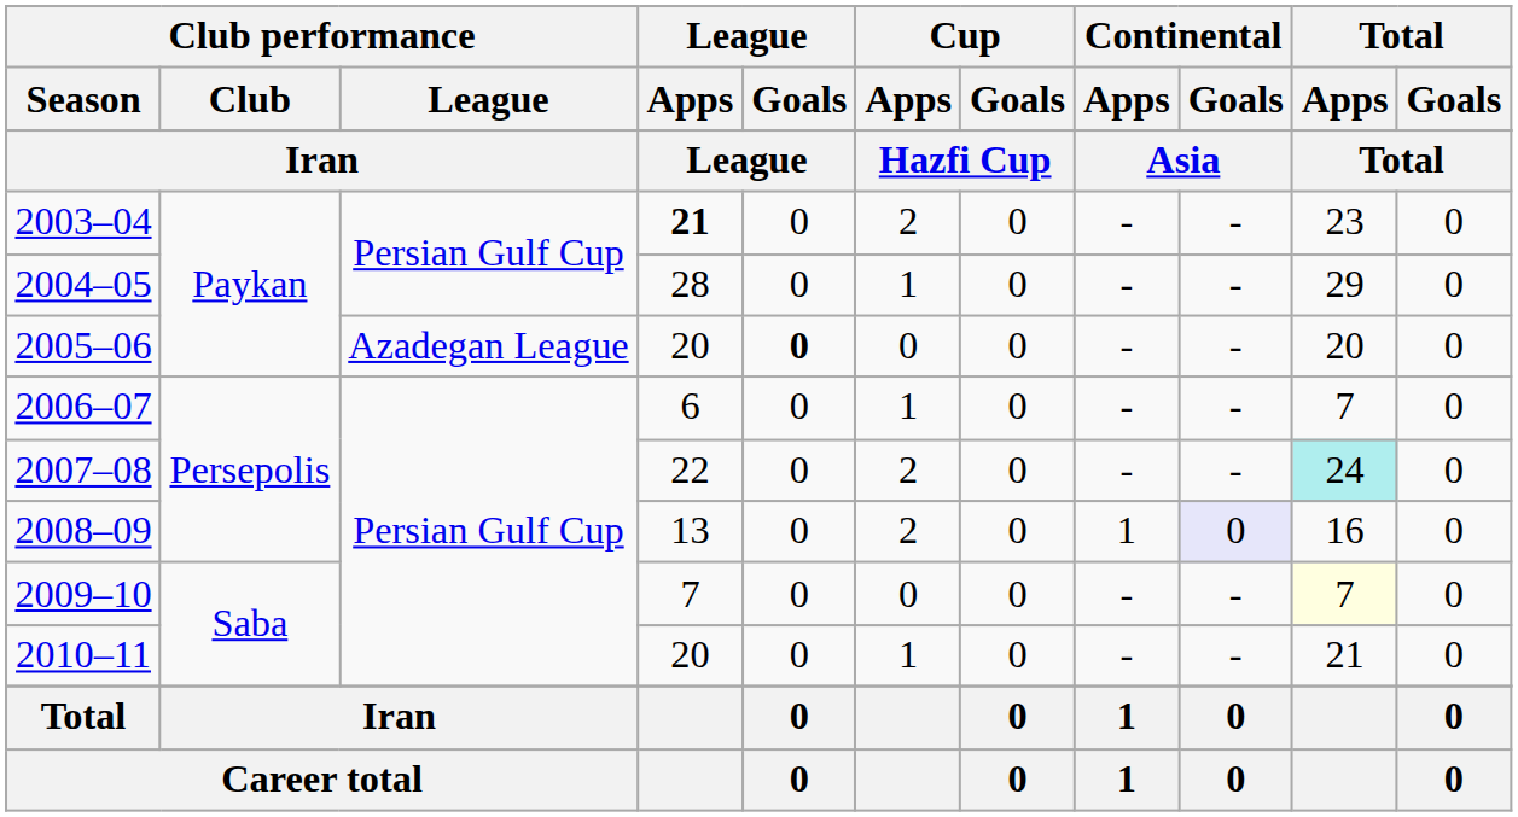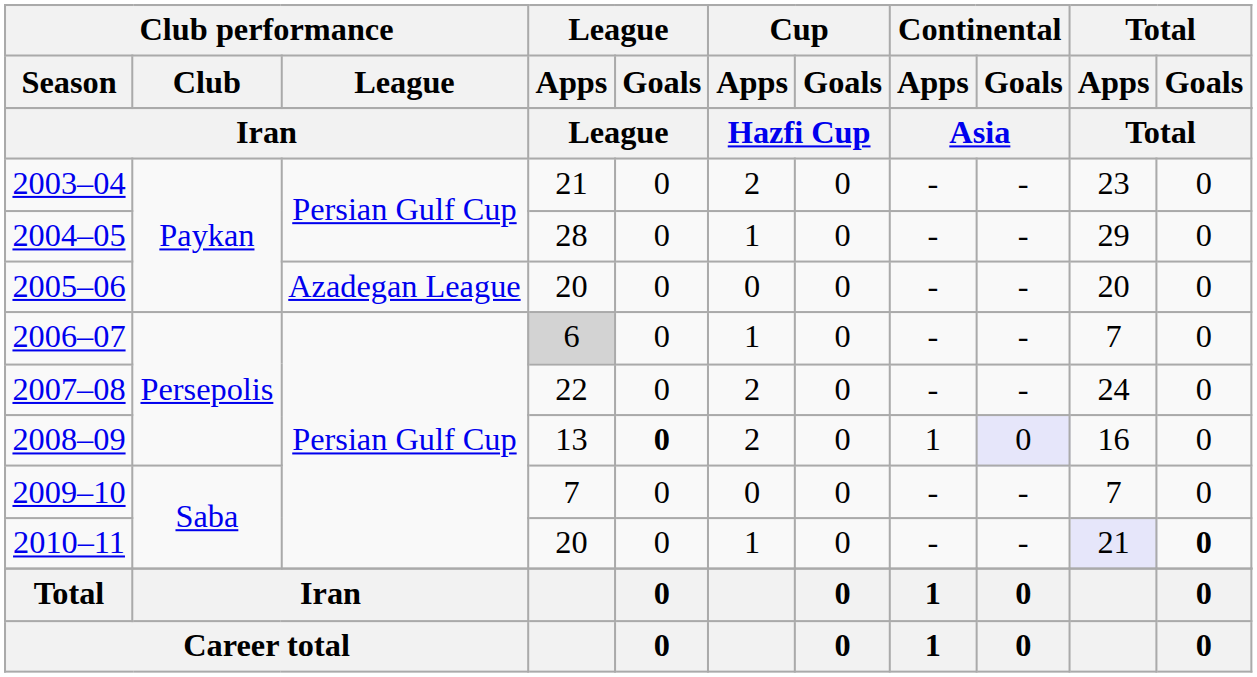 <table class="wikitable" style="text-align:center">
 <tr>
 <th colspan=3>Club performance</th>
 <th colspan=2>League</th>
 <th colspan=2>Cup</th>
 <th colspan=2>Continental</th>
 <th colspan=2>Total</th>
 </tr>
 <tr>
 <th>Season</th>
 <th>Club</th>
 <th>League</th>
 <th>Apps</th>
 <th>Goals</th>
 <th>Apps</th>
 <th>Goals</th>
 <th>Apps</th>
 <th>Goals</th>
 <th>Apps</th>
 <th>Goals</th>
 </tr>
 <tr>
 </tr>
 <tr>
 <th colspan=3>Iran</th>
 <th colspan=2>League</th>
 <th colspan=2><a href='#'>Hazfi Cup</a></th>
 <th colspan=2><a href='#'>Asia</a></th>
 <th colspan=2>Total</th>
 </tr>
 <tr>
 <td><a href='#'>2003–04</a></td>
 <td rowspan="3"><a href='#'>Paykan</a></td>
 <td rowspan="2"><a href='#'>Persian Gulf Cup</a></td>
-<td><strong>21</strong></td>
+<td>21</td>
 <td>0</td>
 <td>2</td>
 <td>0</td>
 <td>-</td>
 <td>-</td>
 <td>23</td>
 <td>0</td>
 </tr>
 <tr>
 <td><a href='#'>2004–05</a></td>
 <td>28</td>
 <td>0</td>
 <td>1</td>
 <td>0</td>
 <td>-</td>
 <td>-</td>
 <td>29</td>
 <td>0</td>
 </tr>
 <tr>
 <td><a href='#'>2005–06</a></td>
 <td rowspan="1"><a href='#'>Azadegan League</a></td>
 <td>20</td>
-<td><strong>0</strong></td>
+<td>0</td>
 <td>0</td>
 <td>0</td>
 <td>-</td>
 <td>-</td>
 <td>20</td>
 <td>0</td>
 </tr>
 <tr>
 <td><a href='#'>2006–07</a></td>
 <td rowspan="3"><a href='#'>Persepolis</a></td>
 <td rowspan="5"><a href='#'>Persian Gulf Cup</a></td>
-<td>6</td>
+<td style="background: lightgrey;">6</td>
 <td>0</td>
 <td>1</td>
 <td>0</td>
 <td>-</td>
 <td>-</td>
 <td>7</td>
 <td>0</td>
 </tr>
 <tr>
 <td><a href='#'>2007–08</a></td>
 <td>22</td>
 <td>0</td>
 <td>2</td>
 <td>0</td>
 <td>-</td>
 <td>-</td>
-<td style="background: paleturquoise;">24</td>
+<td>24</td>
 <td>0</td>
 </tr>
 <tr>
 <td><a href='#'>2008–09</a></td>
 <td>13</td>
-<td>0</td>
+<td><strong>0</strong></td>
 <td>2</td>
 <td>0</td>
 <td>1</td>
 <td style="background: lavender;">0</td>
 <td>16</td>
 <td>0</td>
 </tr>
 <tr>
 <td><a href='#'>2009–10</a></td>
 <td rowspan="2"><a href='#'>Saba</a></td>
 <td>7</td>
 <td>0</td>
 <td>0</td>
 <td>0</td>
 <td>-</td>
 <td>-</td>
-<td style="background: lightyellow;">7</td>
+<td>7</td>
 <td>0</td>
 </tr>
 <tr>
 <td><a href='#'>2010–11</a></td>
 <td>20</td>
 <td>0</td>
 <td>1</td>
 <td>0</td>
 <td>-</td>
 <td>-</td>
-<td>21</td>
-<td>0</td>
+<td style="background: lavender;">21</td>
+<td><strong>0</strong></td>
 </tr>
 <tr>
 </tr>
 <tr>
 <th rowspan=1>Total</th>
 <th colspan=2>Iran</th>
 <th></th>
 <th>0</th>
 <th></th>
 <th>0</th>
 <th>1</th>
 <th>0</th>
 <th></th>
 <th>0</th>
 </tr>
 <tr>
 <th colspan=3>Career total</th>
 <th></th>
 <th>0</th>
 <th></th>
 <th>0</th>
 <th>1</th>
 <th>0</th>
 <th></th>
 <th>0</th>
 </tr>
 </table>
